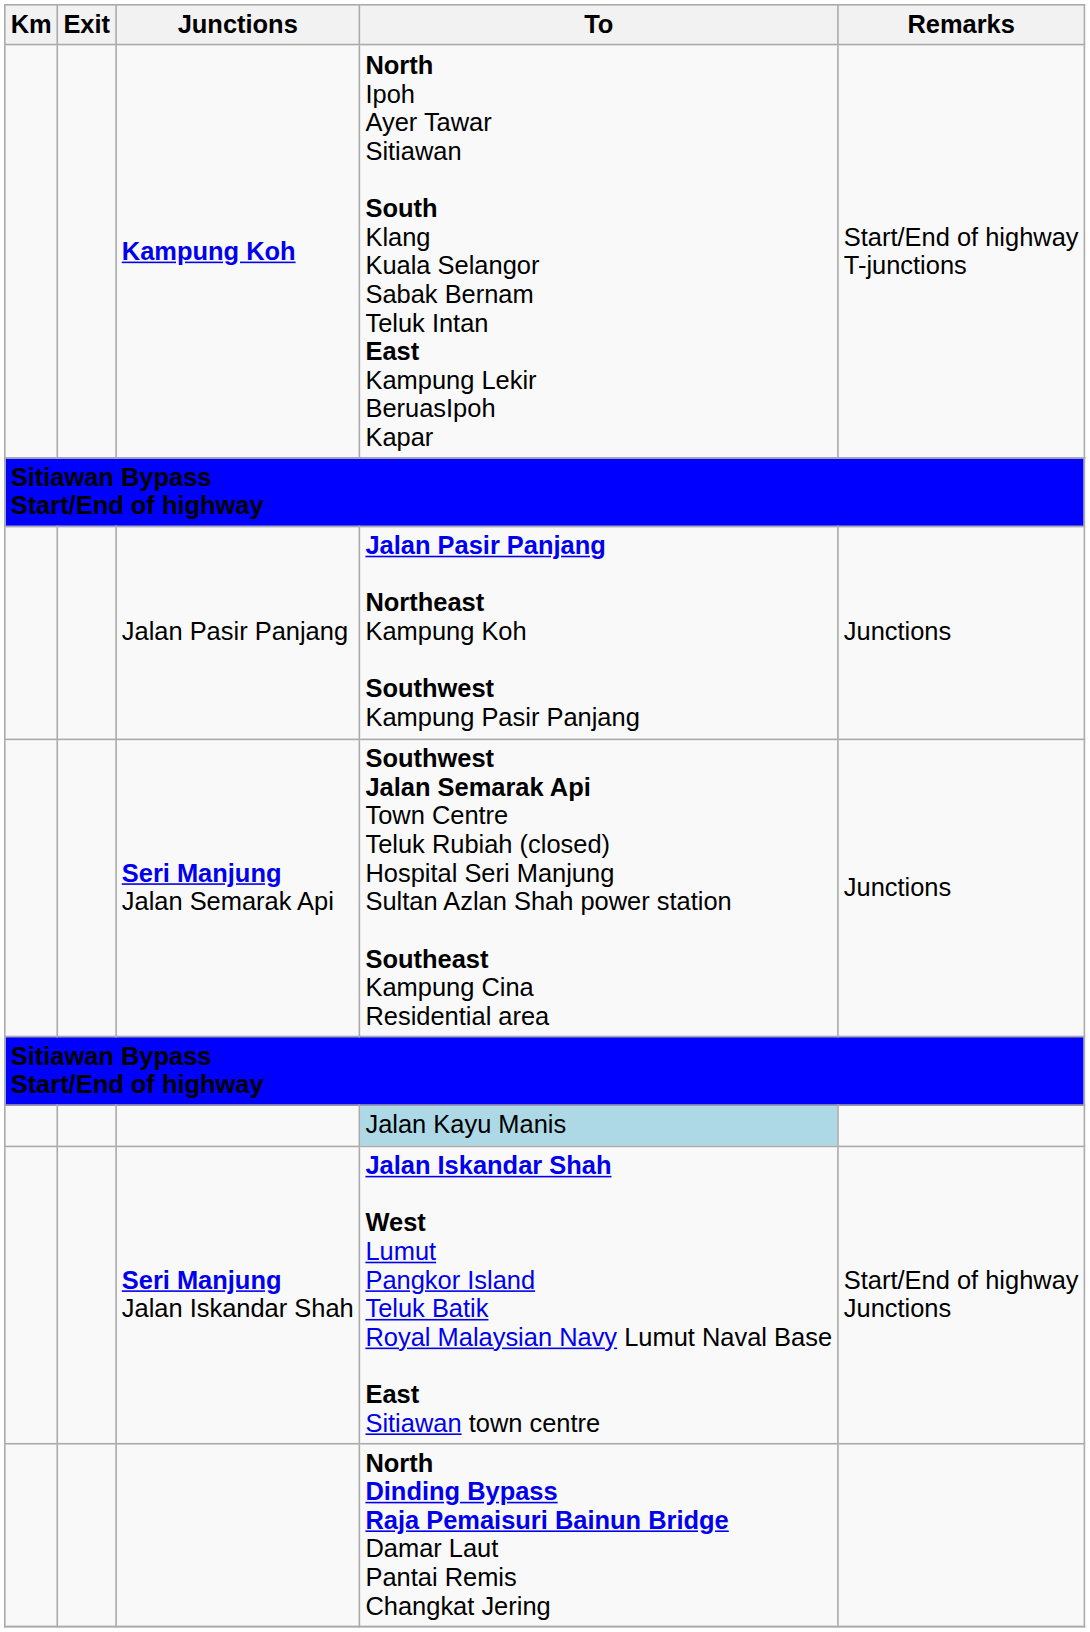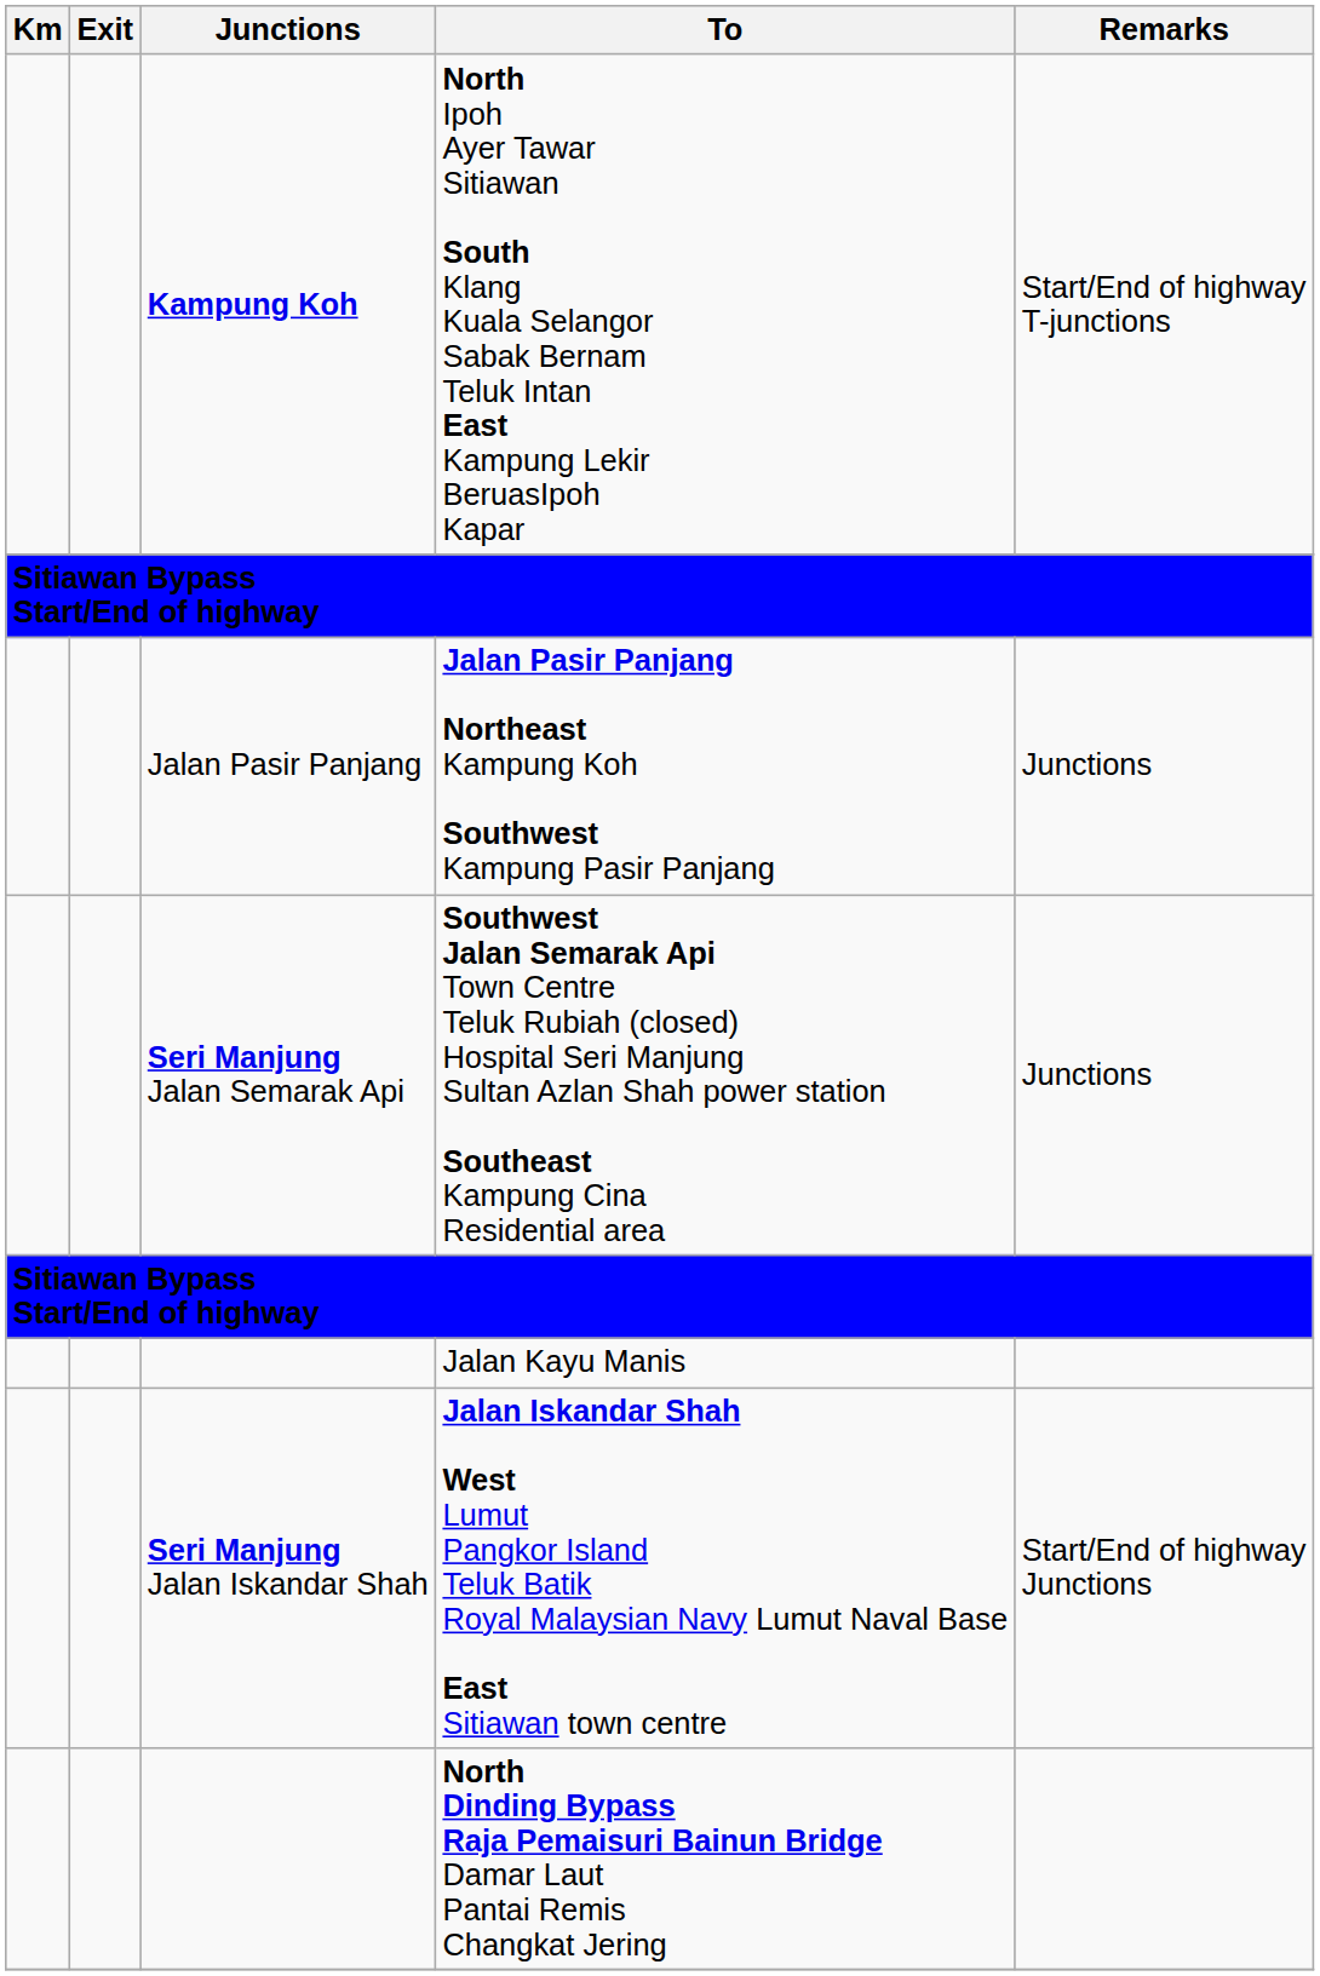 <table class="wikitable">
 <tr>
 <th>Km</th>
 <th>Exit</th>
 <th>Junctions</th>
 <th>To</th>
 <th>Remarks</th>
 </tr>
 <tr>
 <td></td>
 <td></td>
 <td><strong><a href='#'>Kampung Koh</a></strong></td>
 <td><strong>North</strong><br> Ipoh<br> Ayer Tawar<br> Sitiawan<br><br><strong>South</strong><br> Klang<br> Kuala Selangor<br> Sabak Bernam<br> Teluk Intan<br><strong>East</strong><br>Kampung Lekir<br>BeruasIpoh<br>Kapar</td>
 <td>Start/End of highway<br>T-junctions</td>
 </tr>
 <tr>
 </tr>
 <tr>
 <td style="width:600px" colspan="6" style="text-align:center" bgcolor="blue"><strong><span> Sitiawan Bypass<br>Start/End of highway</span></strong></td>
 </tr>
 <tr>
 <td></td>
 <td></td>
 <td>Jalan Pasir Panjang</td>
 <td> <strong><a href='#'>Jalan Pasir Panjang</a></strong><br><br><strong>Northeast</strong><br>Kampung Koh<br><br><strong>Southwest</strong><br>Kampung Pasir Panjang</td>
 <td>Junctions</td>
 </tr>
 <tr>
 <td></td>
 <td></td>
 <td><strong><a href='#'>Seri Manjung</a></strong><br>Jalan Semarak Api</td>
 <td><strong>Southwest</strong><br><strong>Jalan Semarak Api</strong><br>Town Centre<br>Teluk Rubiah (closed)<br>Hospital Seri Manjung <br>Sultan Azlan Shah power station<br><br><strong>Southeast</strong><br>Kampung Cina<br>Residential area</td>
 <td>Junctions</td>
 </tr>
 <tr>
 <td style="width:600px" colspan="6" style="text-align:center" bgcolor="blue"><strong><span> Sitiawan Bypass<br>Start/End of highway</span></strong></td>
 </tr>
 <tr>
 <td></td>
 <td></td>
 <td></td>
-<td style="background: lightblue;">Jalan Kayu Manis</td>
+<td>Jalan Kayu Manis</td>
 <td></td>
 </tr>
 <tr>
 <td></td>
 <td></td>
 <td><strong><a href='#'>Seri Manjung</a></strong><br>Jalan Iskandar Shah</td>
 <td> <strong><a href='#'>Jalan Iskandar Shah</a></strong><br><br><strong>West</strong><br> <a href='#'>Lumut</a><br> <a href='#'>Pangkor Island</a><br> <a href='#'>Teluk Batik</a><br> <a href='#'>Royal Malaysian Navy</a> Lumut Naval Base<br><br><strong>East</strong><br> <a href='#'>Sitiawan</a> town centre</td>
 <td>Start/End of highway<br>Junctions</td>
 </tr>
 <tr>
 <td></td>
 <td></td>
 <td></td>
 <td><strong>North</strong><br> <strong><a href='#'>Dinding Bypass</a></strong><br> <strong><a href='#'>Raja Pemaisuri Bainun Bridge</a></strong><br> Damar Laut<br> Pantai Remis<br> Changkat Jering</td>
 <td></td>
 </tr>
 <tr>
 </tr>
 </table>
